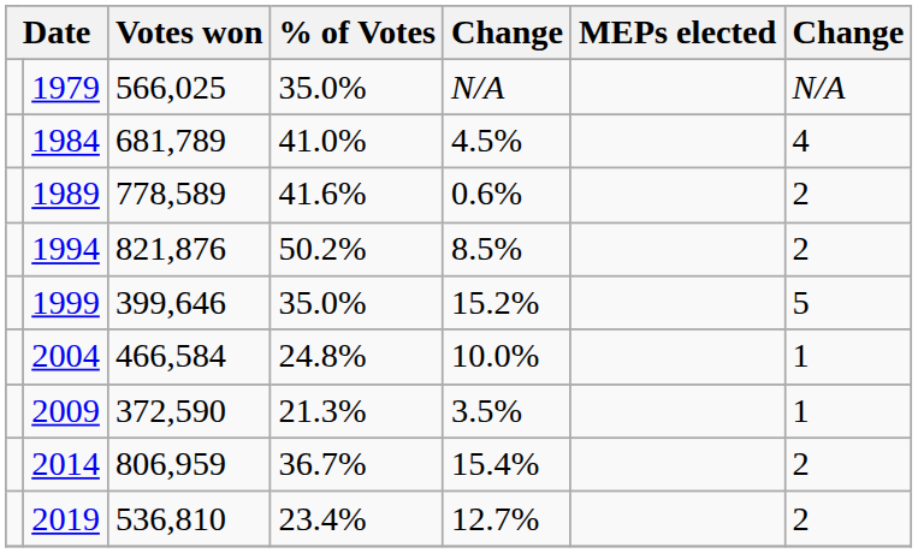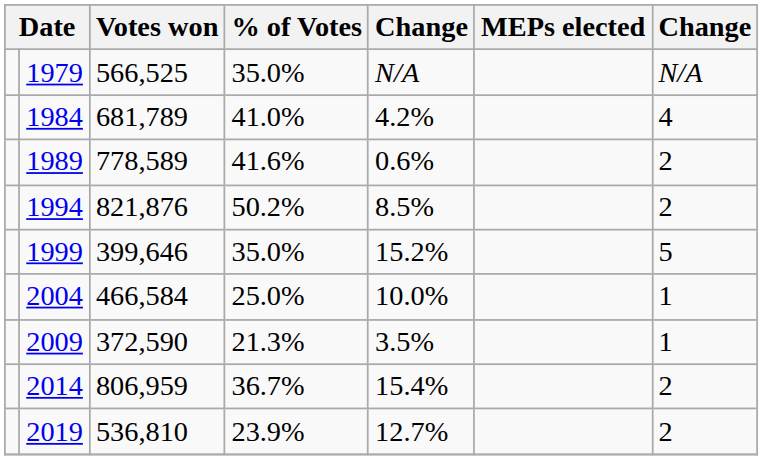 <table class="wikitable sortable" style="text-align: left">
 <tr>
 <th colspan="2">Date</th>
 <th>Votes won</th>
 <th>% of Votes</th>
 <th>Change</th>
 <th>MEPs elected</th>
 <th>Change</th>
 </tr>
 <tr>
 <td width="1" style="color:inherit;background:"></td>
 <td><a href='#'>1979</a></td>
-<td>566,025</td>
+<td>566,525</td>
 <td>35.0%</td>
 <td><em>N/A</em></td>
 <td></td>
 <td><em>N/A</em></td>
 </tr>
 <tr>
 <td width="1" style="color:inherit;background:"></td>
 <td><a href='#'>1984</a></td>
 <td>681,789</td>
 <td>41.0%</td>
-<td>4.5%</td>
+<td>4.2%</td>
 <td></td>
 <td>4</td>
 </tr>
 <tr>
 <td width="1" style="color:inherit;background:"></td>
 <td><a href='#'>1989</a></td>
 <td>778,589</td>
 <td>41.6%</td>
 <td>0.6%</td>
 <td></td>
 <td>2</td>
 </tr>
 <tr>
 <td width="1" style="color:inherit;background:"></td>
 <td><a href='#'>1994</a></td>
 <td>821,876</td>
 <td>50.2%</td>
 <td>8.5%</td>
 <td></td>
 <td>2</td>
 </tr>
 <tr>
 <td width="1" style="color:inherit;background:"></td>
 <td><a href='#'>1999</a></td>
 <td>399,646</td>
 <td>35.0%</td>
 <td>15.2%</td>
 <td></td>
 <td>5</td>
 </tr>
 <tr>
 <td width="1" style="color:inherit;background:"></td>
 <td><a href='#'>2004</a></td>
 <td>466,584</td>
-<td>24.8%</td>
+<td>25.0%</td>
 <td>10.0%</td>
 <td></td>
 <td>1</td>
 </tr>
 <tr>
 <td width="1" style="color:inherit;background:"></td>
 <td><a href='#'>2009</a></td>
 <td>372,590</td>
 <td>21.3%</td>
 <td>3.5%</td>
 <td></td>
 <td>1</td>
 </tr>
 <tr>
 <td width="1" style="color:inherit;background:"></td>
 <td><a href='#'>2014</a></td>
 <td>806,959</td>
 <td>36.7%</td>
 <td>15.4%</td>
 <td></td>
 <td>2</td>
 </tr>
 <tr>
 <td width="1" style="color:inherit;background:"></td>
 <td><a href='#'>2019</a></td>
 <td>536,810</td>
-<td>23.4%</td>
+<td>23.9%</td>
 <td>12.7%</td>
 <td></td>
 <td>2</td>
 </tr>
 <tr>
 </tr>
 </table>
